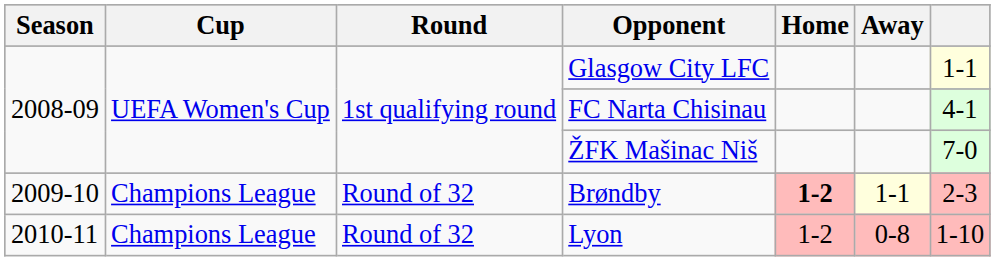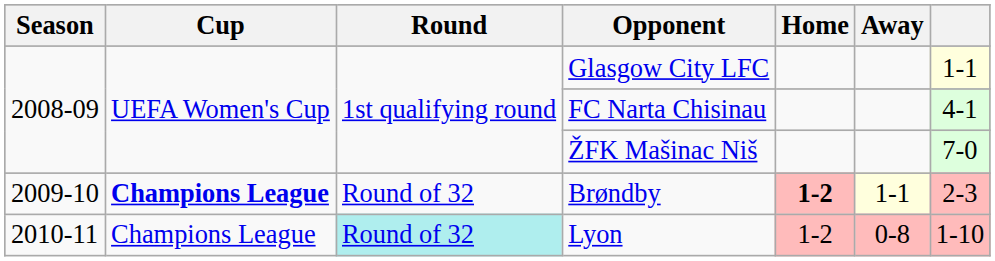 <table class="wikitable">
 <tr>
 <th>Season</th>
 <th>Cup</th>
 <th>Round</th>
 <th>Opponent</th>
 <th>Home</th>
 <th>Away</th>
 <th> </th>
 </tr>
 <tr>
 <td rowspan=3>2008-09</td>
 <td rowspan=3><a href='#'>UEFA Women's Cup</a></td>
 <td rowspan=3><a href='#'>1st qualifying round</a></td>
 <td> <a href='#'>Glasgow City LFC</a></td>
 <td></td>
 <td></td>
 <td bgcolor="#ffffdd" style="text-align:center;">1-1</td>
 </tr>
 <tr>
 <td> <a href='#'>FC Narta Chisinau</a></td>
 <td></td>
 <td></td>
 <td bgcolor="#ddffdd" style="text-align:center;">4-1</td>
 </tr>
 <tr>
 <td> <a href='#'>ŽFK Mašinac Niš</a></td>
 <td></td>
 <td></td>
 <td bgcolor="#ddffdd" style="text-align:center;">7-0</td>
 </tr>
 <tr>
 <td>2009-10</td>
-<td><a href='#'>Champions League</a></td>
+<td><strong><a href='#'>Champions League</a></strong></td>
 <td><a href='#'>Round of 32</a></td>
 <td> <a href='#'>Brøndby</a></td>
 <td bgcolor="#ffbbbb" style="text-align:center;"><strong>1-2</strong></td>
 <td bgcolor="#ffffdd" style="text-align:center;">1-1</td>
 <td bgcolor="#ffbbbb" style="text-align:center;">2-3</td>
 </tr>
 <tr>
 <td>2010-11</td>
 <td><a href='#'>Champions League</a></td>
-<td><a href='#'>Round of 32</a></td>
+<td style="background: paleturquoise;"><a href='#'>Round of 32</a></td>
 <td> <a href='#'>Lyon</a></td>
 <td bgcolor="#ffbbbb" style="text-align:center;">1-2</td>
 <td bgcolor="#ffbbbb" style="text-align:center;">0-8</td>
 <td bgcolor="#ffbbbb" style="text-align:center;">1-10</td>
 </tr>
 </table>
